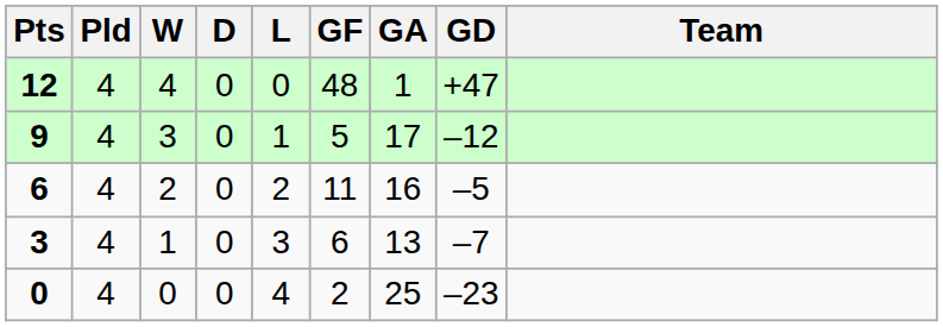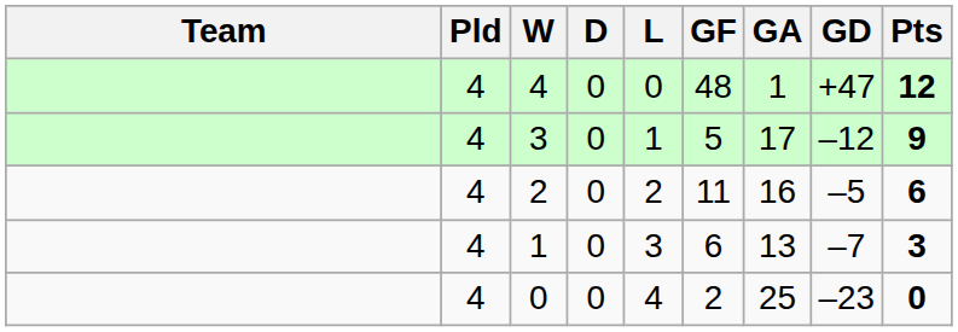 <table class="wikitable" style="text-align: center;">
 <tr>
-<th width=20 abbr="Points">Pts</th>
+<th width=200>Team</th>
 <th width=20 abbr="Played">Pld</th>
 <th width=20 abbr="Won">W</th>
 <th width=20 abbr="Drawn">D</th>
 <th width=20 abbr="Lost">L</th>
 <th width=20 abbr="Goals for">GF</th>
 <th width=20 abbr="Goals against">GA</th>
 <th width=20 abbr="Goal difference">GD</th>
-<th width=200>Team</th>
+<th width=20 abbr="Points">Pts</th>
 </tr>
 <tr style="background:#ccffcc;">
-<td><strong>12</strong></td>
+<td style="text-align:left;"></td>
 <td>4</td>
 <td>4</td>
 <td>0</td>
 <td>0</td>
 <td>48</td>
 <td>1</td>
 <td>+47</td>
-<td style="text-align:left;"></td>
+<td><strong>12</strong></td>
 </tr>
 <tr bgcolor=#ccffcc align=center>
-<td><strong>9</strong></td>
+<td style="text-align:left;"></td>
 <td>4</td>
 <td>3</td>
 <td>0</td>
 <td>1</td>
 <td>5</td>
 <td>17</td>
 <td>–12</td>
-<td style="text-align:left;"></td>
+<td><strong>9</strong></td>
 </tr>
 <tr align=center>
-<td><strong>6</strong></td>
+<td style="text-align:left;"></td>
 <td>4</td>
 <td>2</td>
 <td>0</td>
 <td>2</td>
 <td>11</td>
 <td>16</td>
 <td>–5</td>
-<td style="text-align:left;"></td>
+<td><strong>6</strong></td>
 </tr>
 <tr align=center>
-<td><strong>3</strong></td>
+<td style="text-align:left;"></td>
 <td>4</td>
 <td>1</td>
 <td>0</td>
 <td>3</td>
 <td>6</td>
 <td>13</td>
 <td>–7</td>
-<td style="text-align:left;"></td>
+<td><strong>3</strong></td>
 </tr>
 <tr align=center>
-<td><strong>0</strong></td>
+<td style="text-align:left;"></td>
 <td>4</td>
 <td>0</td>
 <td>0</td>
 <td>4</td>
 <td>2</td>
 <td>25</td>
 <td>–23</td>
-<td style="text-align:left;"></td>
+<td><strong>0</strong></td>
 </tr>
 </table>
